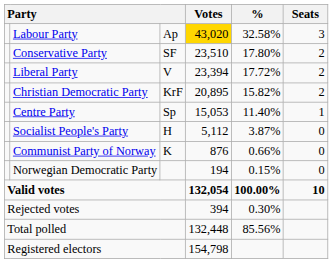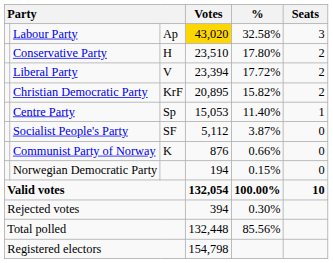 <table class="wikitable" border="1" style="text-align:right;">
 <tr>
 <th style="text-align:left;" colspan=3>Party</th>
 <th align=center width="50">Votes</th>
 <th align=center width="50">%</th>
 <th align=center width="50">Seats</th>
 </tr>
 <tr>
 <td style="color:inherit;background:"></td>
 <td align=left><a href='#'>Labour Party</a></td>
 <td align=left>Ap</td>
 <td style="background: gold;">43,020</td>
 <td>32.58%</td>
 <td>3</td>
 </tr>
 <tr>
 <td style="color:inherit;background:"></td>
 <td align=left><a href='#'>Conservative Party</a></td>
-<td align=left>SF</td>
+<td align=left>H</td>
 <td>23,510</td>
 <td>17.80%</td>
 <td>2</td>
 </tr>
 <tr>
 <td style="color:inherit;background:"></td>
 <td align=left><a href='#'>Liberal Party</a></td>
 <td align=left>V</td>
 <td>23,394</td>
 <td>17.72%</td>
 <td>2</td>
 </tr>
 <tr>
 <td style="color:inherit;background:"></td>
 <td align=left><a href='#'>Christian Democratic Party</a></td>
 <td align=left>KrF</td>
 <td>20,895</td>
 <td>15.82%</td>
 <td>2</td>
 </tr>
 <tr>
 <td style="color:inherit;background:"></td>
 <td align=left><a href='#'>Centre Party</a></td>
 <td align=left>Sp</td>
 <td>15,053</td>
 <td>11.40%</td>
 <td>1</td>
 </tr>
 <tr>
 <td style="color:inherit;background:"></td>
 <td align=left><a href='#'>Socialist People's Party</a></td>
-<td align=left>H</td>
+<td align=left>SF</td>
 <td>5,112</td>
 <td>3.87%</td>
 <td>0</td>
 </tr>
 <tr>
 <td style="color:inherit;background:"></td>
 <td align=left><a href='#'>Communist Party of Norway</a></td>
 <td align=left>K</td>
 <td>876</td>
 <td>0.66%</td>
 <td>0</td>
 </tr>
 <tr>
 <td></td>
 <td align=left>Norwegian Democratic Party</td>
 <td align=left></td>
 <td>194</td>
 <td>0.15%</td>
 <td>0</td>
 </tr>
 <tr style="font-weight:bold">
 <td align=left colspan=3>Valid votes</td>
 <td>132,054</td>
 <td>100.00%</td>
 <td>10</td>
 </tr>
 <tr>
 <td align=left colspan=3>Rejected votes</td>
 <td>394</td>
 <td>0.30%</td>
 <td></td>
 </tr>
 <tr>
 <td align=left colspan=3>Total polled</td>
 <td>132,448</td>
 <td>85.56%</td>
 <td></td>
 </tr>
 <tr>
 <td align=left colspan=3>Registered electors</td>
 <td>154,798</td>
 <td></td>
 <td></td>
 </tr>
 </table>
